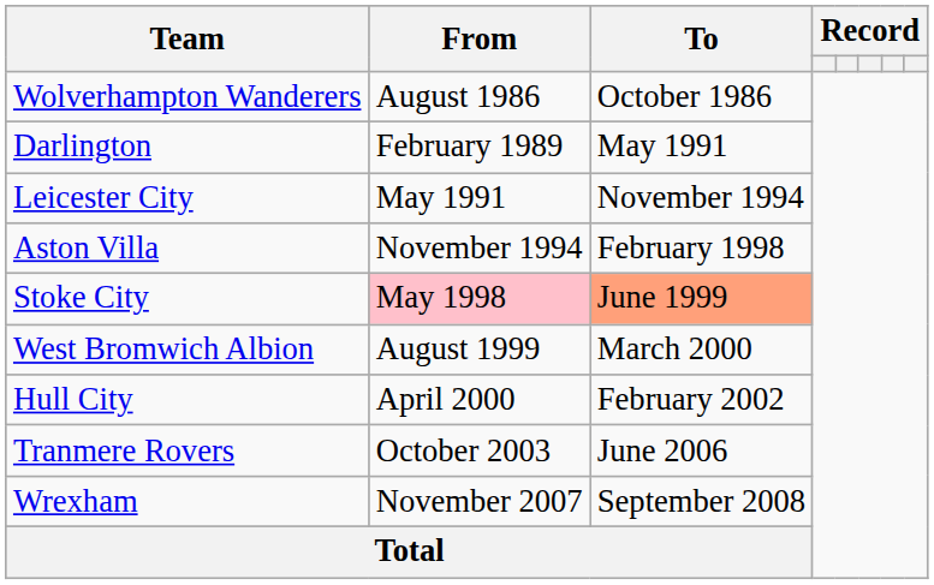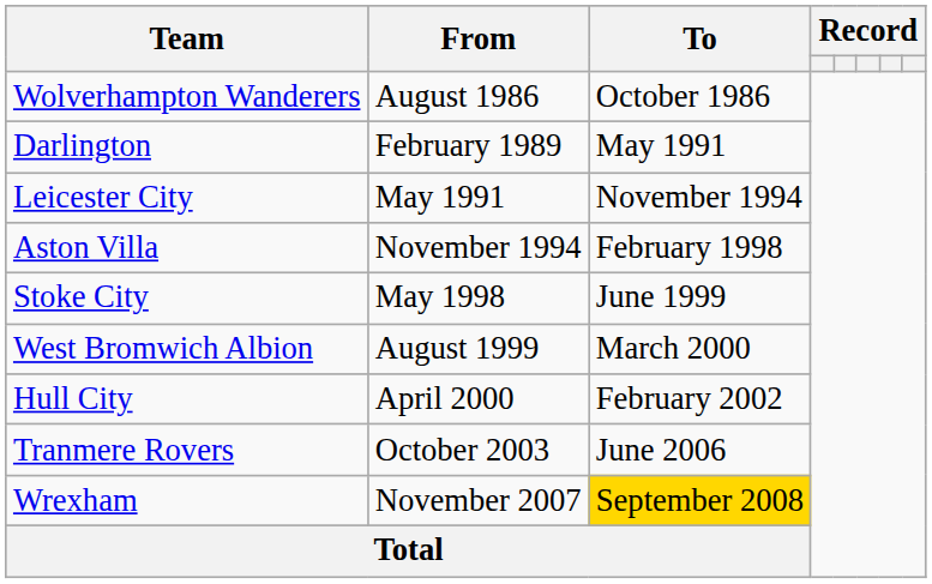 <table class=wikitable style="text-align: center">
 <tr>
 <th rowspan=2>Team</th>
 <th rowspan=2>From</th>
 <th rowspan=2>To</th>
 <th colspan=5>Record</th>
 </tr>
 <tr>
 <th></th>
 <th></th>
 <th></th>
 <th></th>
 <th></th>
 </tr>
 <tr>
 <td align=left><a href='#'>Wolverhampton Wanderers</a></td>
 <td align=left>August 1986</td>
 <td align=left>October 1986<br></td>
 </tr>
 <tr>
 <td align=left><a href='#'>Darlington</a></td>
 <td align=left>February 1989</td>
 <td align=left>May 1991<br></td>
 </tr>
 <tr>
 <td align=left><a href='#'>Leicester City</a></td>
 <td align=left>May 1991</td>
 <td align=left>November 1994<br></td>
 </tr>
 <tr>
 <td align=left><a href='#'>Aston Villa</a></td>
 <td align=left>November 1994</td>
 <td align=left>February 1998<br></td>
 </tr>
 <tr>
 <td align=left><a href='#'>Stoke City</a></td>
-<td align=left style="background: pink;">May 1998</td>
-<td align=left style="background: lightsalmon;">June 1999<br></td>
+<td align=left>May 1998</td>
+<td align=left>June 1999<br></td>
 </tr>
 <tr>
 <td align=left><a href='#'>West Bromwich Albion</a></td>
 <td align=left>August 1999</td>
 <td align=left>March 2000<br></td>
 </tr>
 <tr>
 <td align=left><a href='#'>Hull City</a></td>
 <td align=left>April 2000</td>
 <td align=left>February 2002<br></td>
 </tr>
 <tr>
 <td align=left><a href='#'>Tranmere Rovers</a></td>
 <td align=left>October 2003</td>
 <td align=left>June 2006<br></td>
 </tr>
 <tr>
 <td align=left><a href='#'>Wrexham</a></td>
 <td align=left>November 2007</td>
-<td align=left>September 2008<br></td>
+<td align=left style="background: gold;">September 2008<br></td>
 </tr>
 <tr>
 <th colspan=3>Total<br></th>
 </tr>
 </table>
